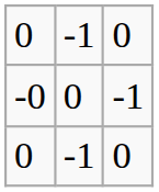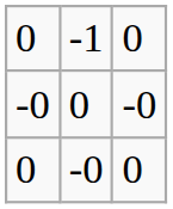 <table class="wikitable">
 <tr>
 <td>0</td>
 <td>-1</td>
 <td>0</td>
 </tr>
 <tr>
 <td>-0</td>
 <td>0</td>
-<td>-1</td>
+<td>-0</td>
 </tr>
 <tr>
 <td>0</td>
-<td>-1</td>
+<td>-0</td>
 <td>0</td>
 </tr>
 </table>
